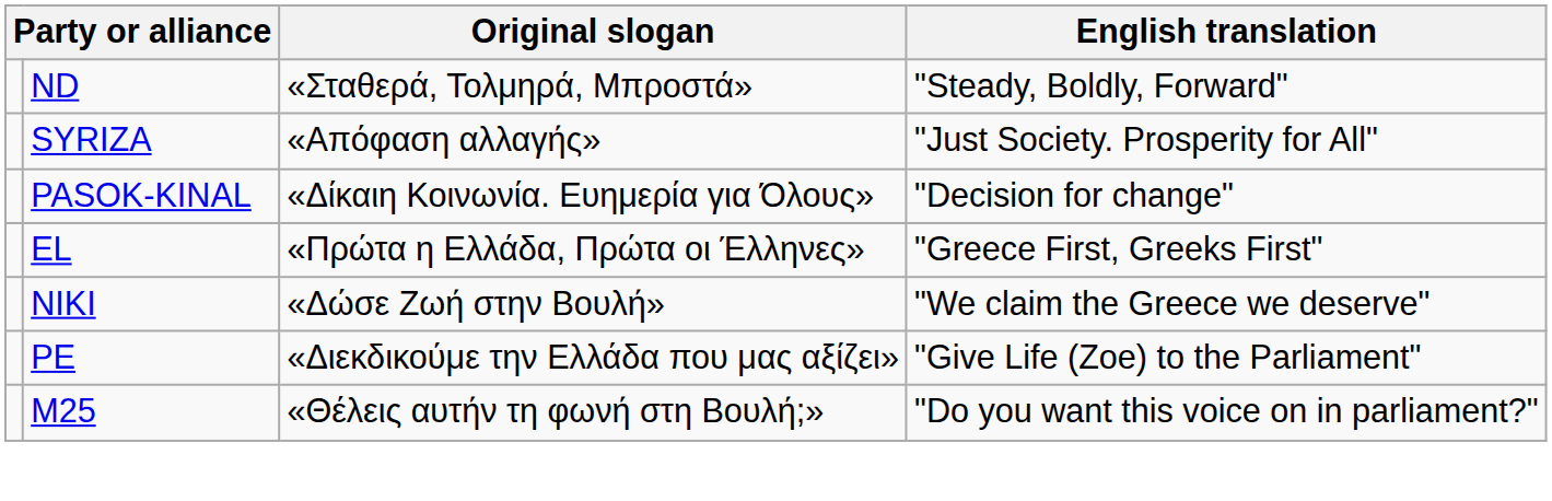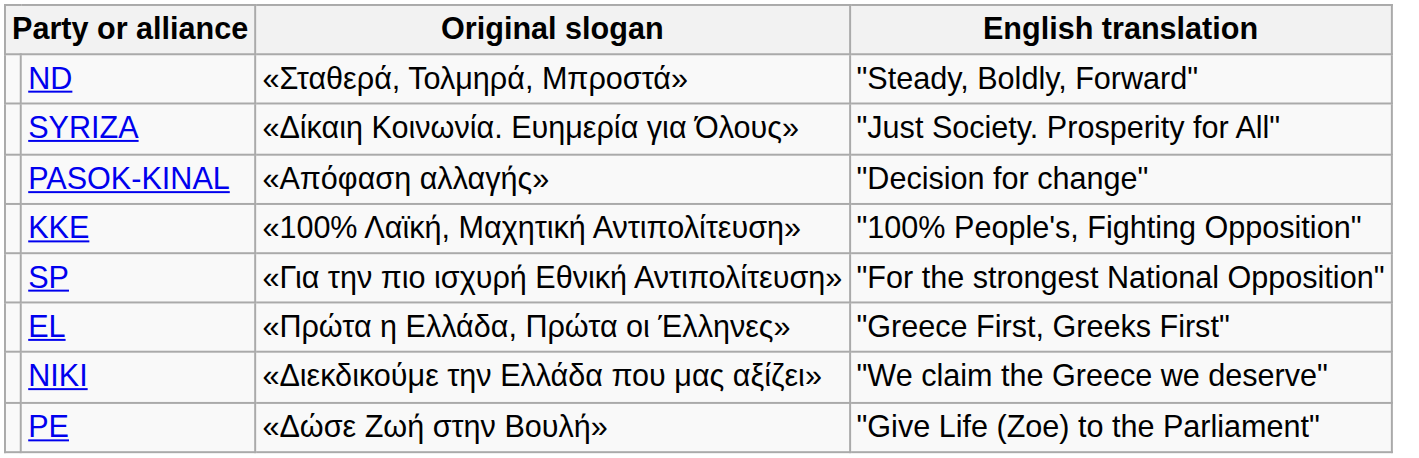 <table class="wikitable" style="font-size:97%; text-align:left;">
 <tr>
 <th style="text-align:left;" colspan="2">Party or alliance</th>
 <th>Original slogan</th>
 <th>English translation</th>
 </tr>
 <tr>
 <td width="1"></td>
 <td><a href='#'>ND</a></td>
 <td>«Σταθερά, Τολμηρά, Μπροστά»</td>
 <td>"Steady, Boldly, Forward"</td>
 </tr>
 <tr>
 <td></td>
 <td><a href='#'>SYRIZA</a></td>
-<td>«Απόφαση αλλαγής»</td>
+<td>«Δίκαιη Κοινωνία. Ευημερία για Όλους»</td>
 <td>"Just Society. Prosperity for All"</td>
 </tr>
 <tr>
 <td></td>
 <td><a href='#'>PASOK-KINAL</a></td>
-<td>«Δίκαιη Κοινωνία. Ευημερία για Όλους»</td>
+<td>«Απόφαση αλλαγής»</td>
 <td>"Decision for change"</td>
+</tr>
+<tr>
+<td></td>
+<td><a href='#'>KKE</a></td>
+<td>«100% Λαϊκή, Μαχητική Αντιπολίτευση»</td>
+<td>"100% People's, Fighting Opposition"</td>
+</tr>
+<tr>
+<td width="1"></td>
+<td><a href='#'>SP</a></td>
+<td>«Για την πιο ισχυρή Εθνική Αντιπολίτευση»</td>
+<td>"For the strongest National Opposition"</td>
 </tr>
 <tr>
 <td></td>
 <td><a href='#'>EL</a></td>
 <td>«Πρώτα η Ελλάδα, Πρώτα οι Έλληνες»</td>
 <td>"Greece First, Greeks First"</td>
 </tr>
 <tr>
 <td></td>
 <td><a href='#'>NIKI</a></td>
-<td>«Δώσε Ζωή στην Βουλή»</td>
+<td>«Διεκδικούμε την Ελλάδα που μας αξίζει»</td>
 <td>"We claim the Greece we deserve"</td>
 </tr>
 <tr>
 <td></td>
 <td><a href='#'>PE</a></td>
-<td>«Διεκδικούμε την Ελλάδα που μας αξίζει»</td>
+<td>«Δώσε Ζωή στην Βουλή»</td>
 <td>"Give Life (Zoe) to the Parliament"</td>
 </tr>
-<tr>
-<td></td>
-<td><a href='#'>M25</a></td>
-<td>«Θέλεις αυτήν τη φωνή στη Βουλή;»</td>
-<td>"Do you want this voice on in parliament?"</td>
-</tr>
 </table>
